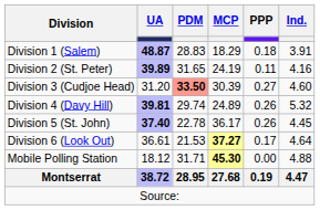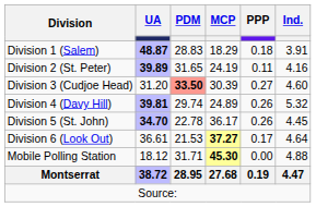 <table class="wikitable sortable" style="text-align:right; font-size:95%">
 <tr style="height:42px; text-align:center; background-color:#E9E9E9;">
 <th rowspan="2">Division</th>
 <th data-sort-type="number" style="width:40px;"><a href='#'>UA</a></th>
 <th data-sort-type="number" style="width:40px;"><a href='#'>PDM</a></th>
 <th data-sort-type="number" style="width:40px;"><a href='#'>MCP</a></th>
 <th data-sort-type="number" style="width:40px;">PPP</th>
 <th data-sort-type="number" style="width:40px;"><a href='#'>Ind.</a></th>
 </tr>
 <tr>
 <th style="background:#1E2864;"></th>
 <th style="background:"></th>
 <th style="background:"></th>
 <th style="background:#5E17EB;"></th>
 <th style="background:"></th>
 </tr>
 <tr>
 <td align="left">Division 1 (<a href='#'>Salem</a>)</td>
 <td style="font-weight:bold; background:#BDBBFF">48.87</td>
 <td>28.83</td>
 <td>18.29</td>
 <td>0.18</td>
 <td>3.91</td>
 </tr>
 <tr>
 <td align="left">Division 2 (St. Peter)</td>
 <td style="font-weight:bold; background:#BDBBFF">39.89</td>
 <td>31.65</td>
 <td>24.19</td>
 <td>0.11</td>
 <td>4.16</td>
 </tr>
 <tr>
 <td align="left">Division 3 (Cudjoe Head)</td>
 <td>31.20</td>
 <td style="font-weight:bold; background:#FF988F">33.50</td>
 <td>30.39</td>
 <td>0.27</td>
 <td>4.60</td>
 </tr>
 <tr>
 <td align="left">Division 4 (<a href='#'>Davy Hill</a>)</td>
 <td style="font-weight:bold; background:#BDBBFF">39.81</td>
 <td>29.74</td>
 <td>24.89</td>
 <td>0.26</td>
 <td>5.32</td>
 </tr>
 <tr>
 <td align="left">Division 5 (St. John)</td>
-<td style="font-weight:bold; background:#BDBBFF">37.40</td>
+<td style="font-weight:bold; background:#BDBBFF">34.70</td>
 <td>22.78</td>
 <td>36.17</td>
 <td>0.26</td>
 <td>4.45</td>
 </tr>
 <tr>
 <td align="left">Division 6 (<a href='#'>Look Out</a>)</td>
 <td>36.61</td>
 <td>21.53</td>
 <td style="font-weight:bold; background:#FFFF9A">37.27</td>
 <td>0.17</td>
 <td>4.64</td>
 </tr>
 <tr>
 <td align="left">Mobile Polling Station</td>
 <td>18.12</td>
 <td>31.71</td>
 <td style="font-weight:bold; background:#FFFF9A">45.30</td>
 <td>0.00</td>
 <td>4.88</td>
 </tr>
 <tr class=sortbottom>
 <th>Montserrat</th>
 <th style="font-weight:bold; background:#BDBBFF">38.72</th>
 <th>28.95</th>
 <th>27.68</th>
 <th>0.19</th>
 <th>4.47</th>
 </tr>
 <tr class=sortbottom>
 <td colspan="6" align="center">Source: </td>
 </tr>
 </table>
